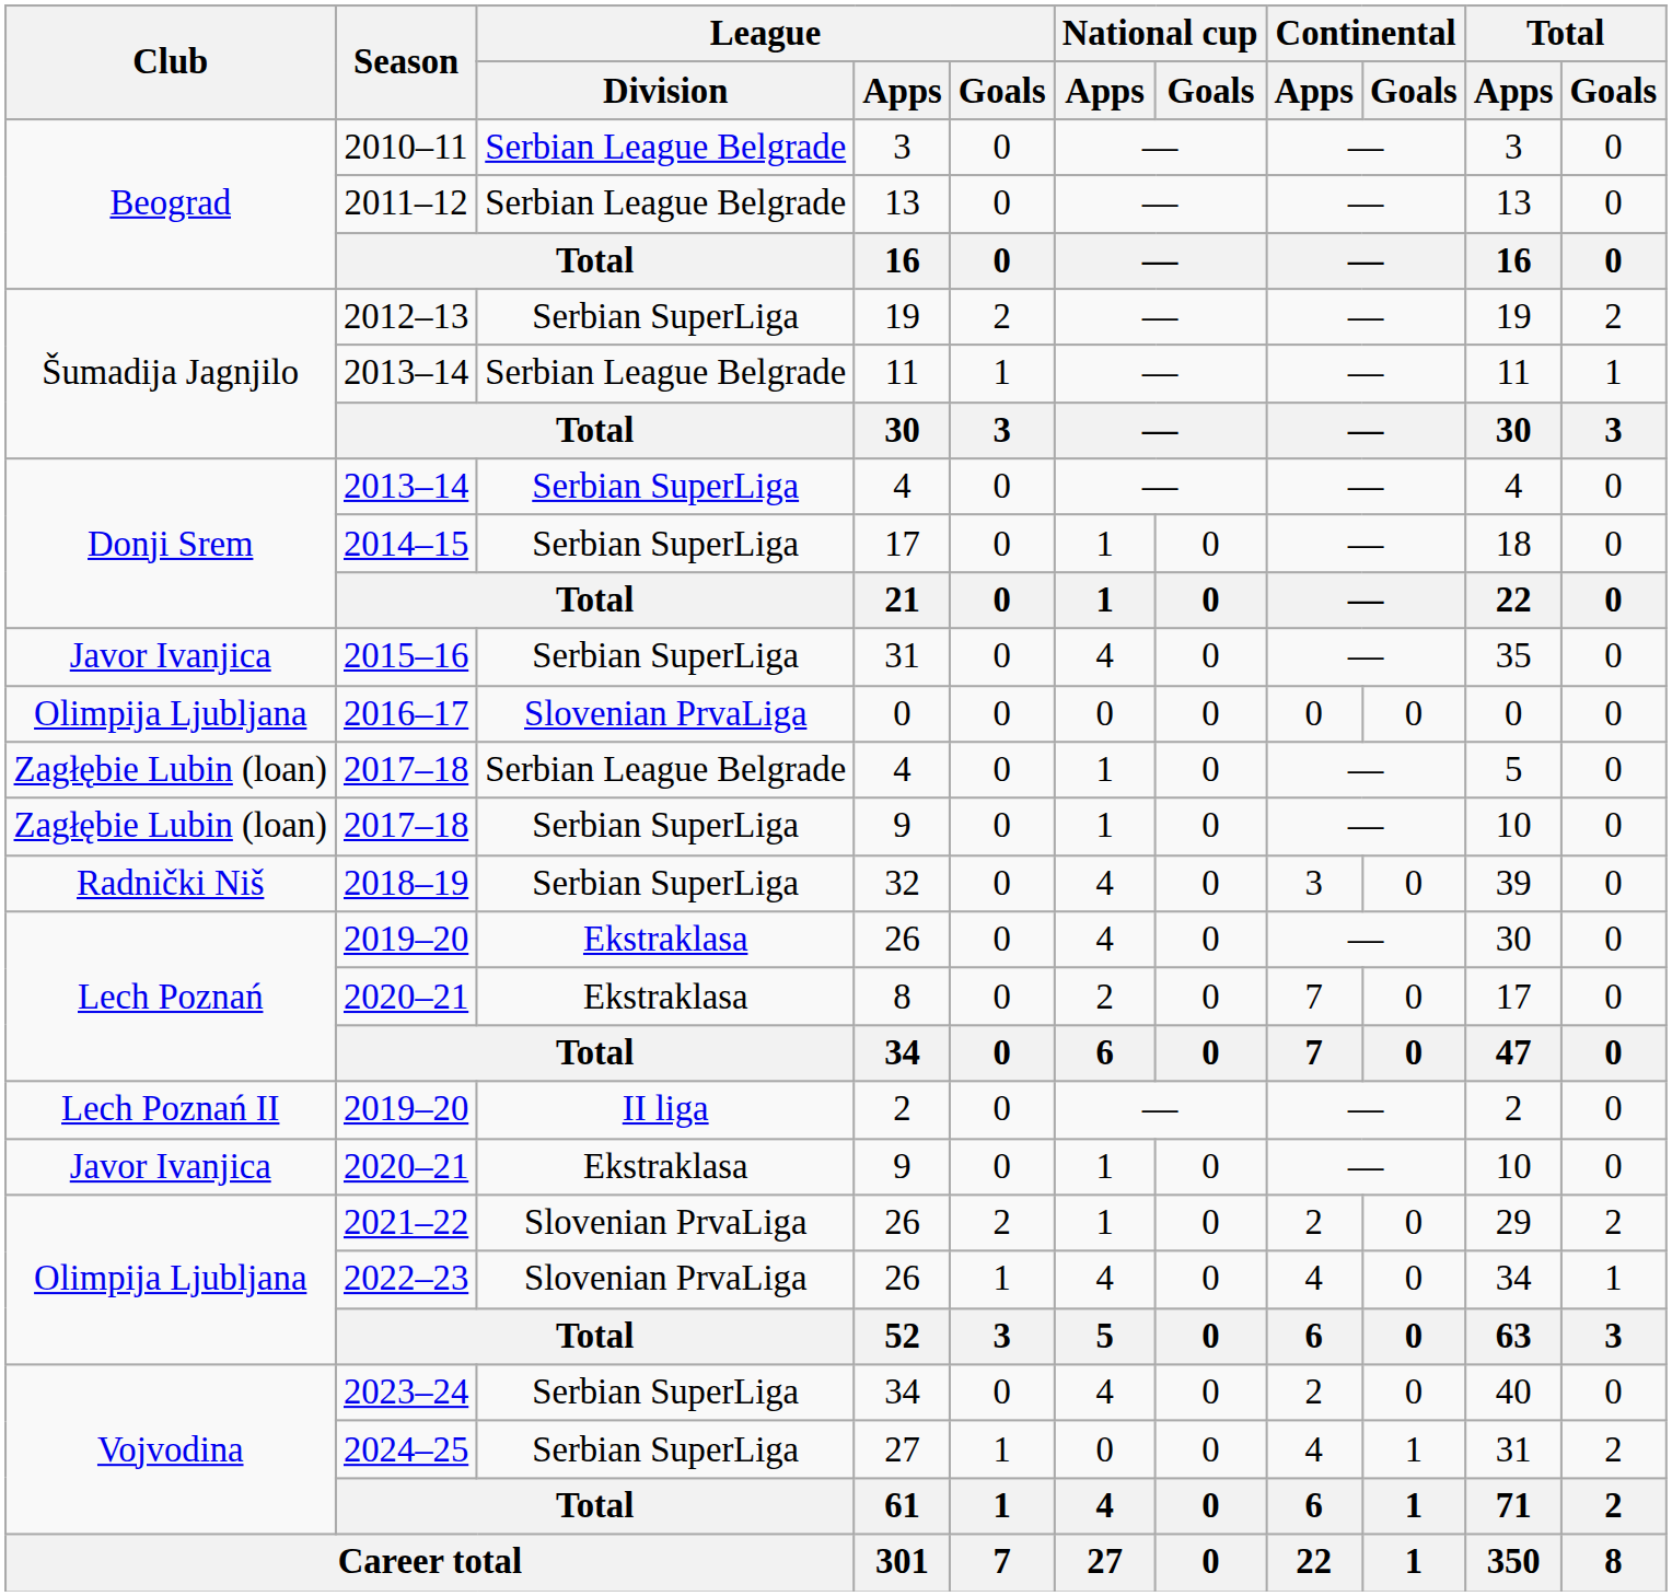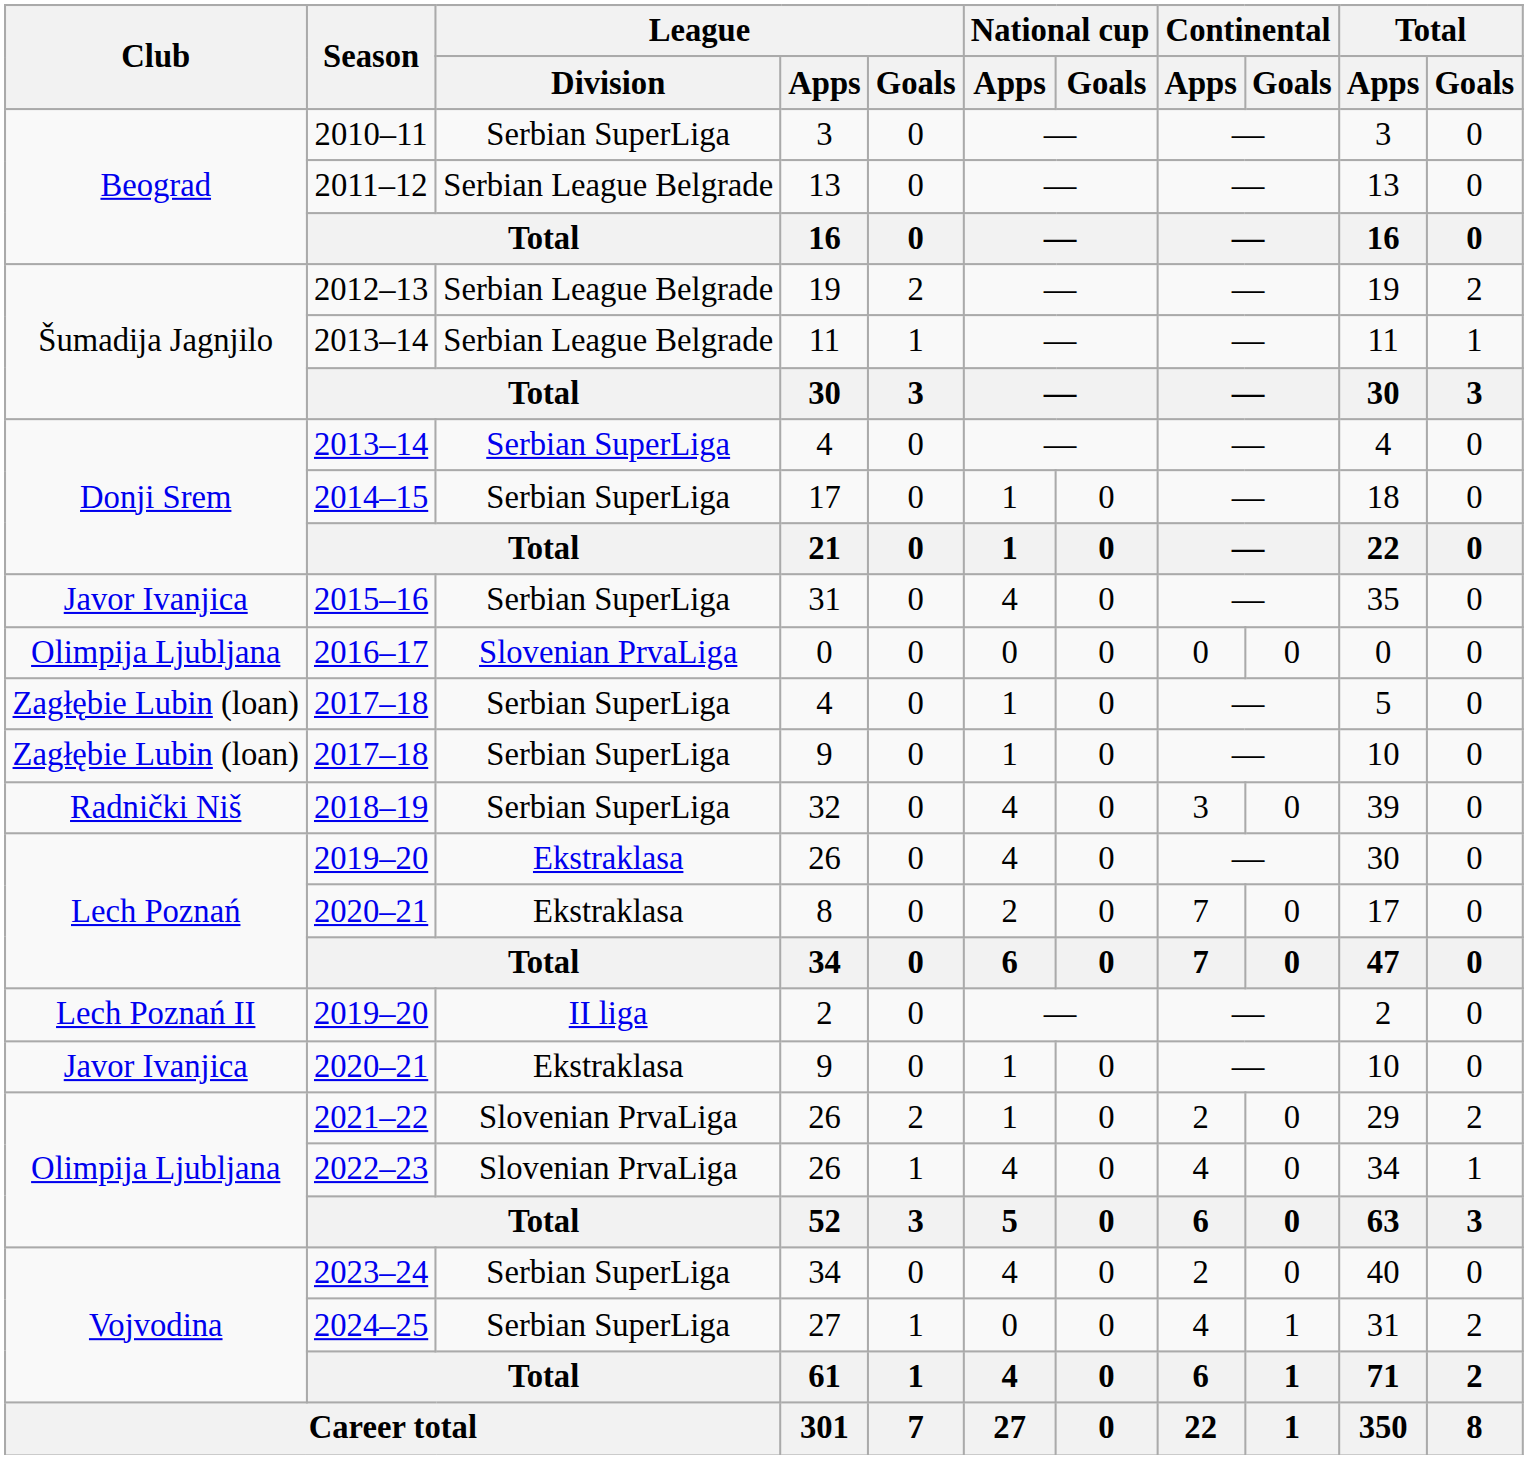 <table class="wikitable" style="text-align: center;">
 <tr>
 <th rowspan="2">Club</th>
 <th rowspan="2">Season</th>
 <th colspan="3">League</th>
 <th colspan="2">National cup</th>
 <th colspan="2">Continental</th>
 <th colspan="2">Total</th>
 </tr>
 <tr>
 <th>Division</th>
 <th>Apps</th>
 <th>Goals</th>
 <th>Apps</th>
 <th>Goals</th>
 <th>Apps</th>
 <th>Goals</th>
 <th>Apps</th>
 <th>Goals</th>
 </tr>
 <tr>
 <td rowspan="3"><a href='#'>Beograd</a></td>
 <td>2010–11</td>
-<td><a href='#'>Serbian League Belgrade</a></td>
+<td>Serbian SuperLiga</td>
 <td>3</td>
 <td>0</td>
 <td colspan="2">—</td>
 <td colspan="2">—</td>
 <td>3</td>
 <td>0</td>
 </tr>
 <tr>
 <td>2011–12</td>
 <td>Serbian League Belgrade</td>
 <td>13</td>
 <td>0</td>
 <td colspan="2">—</td>
 <td colspan="2">—</td>
 <td>13</td>
 <td>0</td>
 </tr>
 <tr>
 <th colspan="2">Total</th>
 <th>16</th>
 <th>0</th>
 <th colspan="2">—</th>
 <th colspan="2">—</th>
 <th>16</th>
 <th>0</th>
 </tr>
 <tr>
 <td rowspan="3">Šumadija Jagnjilo</td>
 <td>2012–13</td>
-<td>Serbian SuperLiga</td>
+<td>Serbian League Belgrade</td>
 <td>19</td>
 <td>2</td>
 <td colspan="2">—</td>
 <td colspan="2">—</td>
 <td>19</td>
 <td>2</td>
 </tr>
 <tr>
 <td>2013–14</td>
 <td>Serbian League Belgrade</td>
 <td>11</td>
 <td>1</td>
 <td colspan="2">—</td>
 <td colspan="2">—</td>
 <td>11</td>
 <td>1</td>
 </tr>
 <tr>
 <th colspan="2">Total</th>
 <th>30</th>
 <th>3</th>
 <th colspan="2">—</th>
 <th colspan="2">—</th>
 <th>30</th>
 <th>3</th>
 </tr>
 <tr>
 <td rowspan="3"><a href='#'>Donji Srem</a></td>
 <td><a href='#'>2013–14</a></td>
 <td><a href='#'>Serbian SuperLiga</a></td>
 <td>4</td>
 <td>0</td>
 <td colspan="2">—</td>
 <td colspan="2">—</td>
 <td>4</td>
 <td>0</td>
 </tr>
 <tr>
 <td><a href='#'>2014–15</a></td>
 <td>Serbian SuperLiga</td>
 <td>17</td>
 <td>0</td>
 <td>1</td>
 <td>0</td>
 <td colspan="2">—</td>
 <td>18</td>
 <td>0</td>
 </tr>
 <tr>
 <th colspan="2">Total</th>
 <th>21</th>
 <th>0</th>
 <th>1</th>
 <th>0</th>
 <th colspan="2">—</th>
 <th>22</th>
 <th>0</th>
 </tr>
 <tr>
 <td><a href='#'>Javor Ivanjica</a></td>
 <td><a href='#'>2015–16</a></td>
 <td>Serbian SuperLiga</td>
 <td>31</td>
 <td>0</td>
 <td>4</td>
 <td>0</td>
 <td colspan="2">—</td>
 <td>35</td>
 <td>0</td>
 </tr>
 <tr>
 <td><a href='#'>Olimpija Ljubljana</a></td>
 <td><a href='#'>2016–17</a></td>
 <td><a href='#'>Slovenian PrvaLiga</a></td>
 <td>0</td>
 <td>0</td>
 <td>0</td>
 <td>0</td>
 <td>0</td>
 <td>0</td>
 <td>0</td>
 <td>0</td>
 </tr>
 <tr>
 <td><a href='#'>Zagłębie Lubin</a> (loan)</td>
 <td><a href='#'>2017–18</a></td>
-<td>Serbian League Belgrade</td>
+<td>Serbian SuperLiga</td>
 <td>4</td>
 <td>0</td>
 <td>1</td>
 <td>0</td>
 <td colspan="2">—</td>
 <td>5</td>
 <td>0</td>
 </tr>
 <tr>
 <td><a href='#'>Zagłębie Lubin</a> (loan)</td>
 <td><a href='#'>2017–18</a></td>
 <td>Serbian SuperLiga</td>
 <td>9</td>
 <td>0</td>
 <td>1</td>
 <td>0</td>
 <td colspan="2">—</td>
 <td>10</td>
 <td>0</td>
 </tr>
 <tr>
 <td><a href='#'>Radnički Niš</a></td>
 <td><a href='#'>2018–19</a></td>
 <td>Serbian SuperLiga</td>
 <td>32</td>
 <td>0</td>
 <td>4</td>
 <td>0</td>
 <td>3</td>
 <td>0</td>
 <td>39</td>
 <td>0</td>
 </tr>
 <tr>
 <td rowspan="3"><a href='#'>Lech Poznań</a></td>
 <td><a href='#'>2019–20</a></td>
 <td><a href='#'>Ekstraklasa</a></td>
 <td>26</td>
 <td>0</td>
 <td>4</td>
 <td>0</td>
 <td colspan="2">—</td>
 <td>30</td>
 <td>0</td>
 </tr>
 <tr>
 <td><a href='#'>2020–21</a></td>
 <td>Ekstraklasa</td>
 <td>8</td>
 <td>0</td>
 <td>2</td>
 <td>0</td>
 <td>7</td>
 <td>0</td>
 <td>17</td>
 <td>0</td>
 </tr>
 <tr>
 <th colspan="2">Total</th>
 <th>34</th>
 <th>0</th>
 <th>6</th>
 <th>0</th>
 <th>7</th>
 <th>0</th>
 <th>47</th>
 <th>0</th>
 </tr>
 <tr>
 <td><a href='#'>Lech Poznań II</a></td>
 <td><a href='#'>2019–20</a></td>
 <td><a href='#'>II liga</a></td>
 <td>2</td>
 <td>0</td>
 <td colspan="2">—</td>
 <td colspan="2">—</td>
 <td>2</td>
 <td>0</td>
 </tr>
 <tr>
 <td><a href='#'>Javor Ivanjica</a></td>
 <td><a href='#'>2020–21</a></td>
 <td>Ekstraklasa</td>
 <td>9</td>
 <td>0</td>
 <td>1</td>
 <td>0</td>
 <td colspan="2">—</td>
 <td>10</td>
 <td>0</td>
 </tr>
 <tr>
 <td rowspan="3"><a href='#'>Olimpija Ljubljana</a></td>
 <td><a href='#'>2021–22</a></td>
 <td>Slovenian PrvaLiga</td>
 <td>26</td>
 <td>2</td>
 <td>1</td>
 <td>0</td>
 <td>2</td>
 <td>0</td>
 <td>29</td>
 <td>2</td>
 </tr>
 <tr>
 <td><a href='#'>2022–23</a></td>
 <td>Slovenian PrvaLiga</td>
 <td>26</td>
 <td>1</td>
 <td>4</td>
 <td>0</td>
 <td>4</td>
 <td>0</td>
 <td>34</td>
 <td>1</td>
 </tr>
 <tr>
 <th colspan="2">Total</th>
 <th>52</th>
 <th>3</th>
 <th>5</th>
 <th>0</th>
 <th>6</th>
 <th>0</th>
 <th>63</th>
 <th>3</th>
 </tr>
 <tr>
 <td rowspan="3"><a href='#'>Vojvodina</a></td>
 <td><a href='#'>2023–24</a></td>
 <td>Serbian SuperLiga</td>
 <td>34</td>
 <td>0</td>
 <td>4</td>
 <td>0</td>
 <td>2</td>
 <td>0</td>
 <td>40</td>
 <td>0</td>
 </tr>
 <tr>
 <td><a href='#'>2024–25</a></td>
 <td>Serbian SuperLiga</td>
 <td>27</td>
 <td>1</td>
 <td>0</td>
 <td>0</td>
 <td>4</td>
 <td>1</td>
 <td>31</td>
 <td>2</td>
 </tr>
 <tr>
 <th colspan="2">Total</th>
 <th>61</th>
 <th>1</th>
 <th>4</th>
 <th>0</th>
 <th>6</th>
 <th>1</th>
 <th>71</th>
 <th>2</th>
 </tr>
 <tr>
 <th colspan="3">Career total</th>
 <th>301</th>
 <th>7</th>
 <th>27</th>
 <th>0</th>
 <th>22</th>
 <th>1</th>
 <th>350</th>
 <th>8</th>
 </tr>
 </table>
